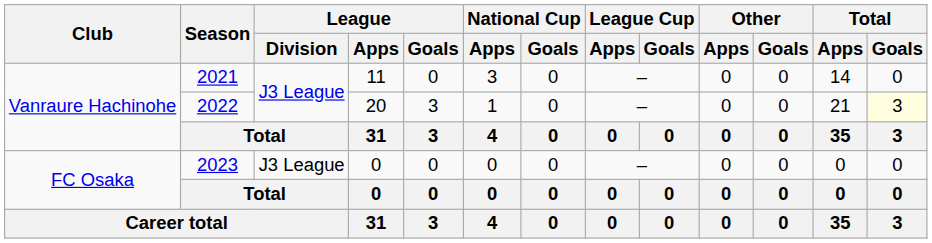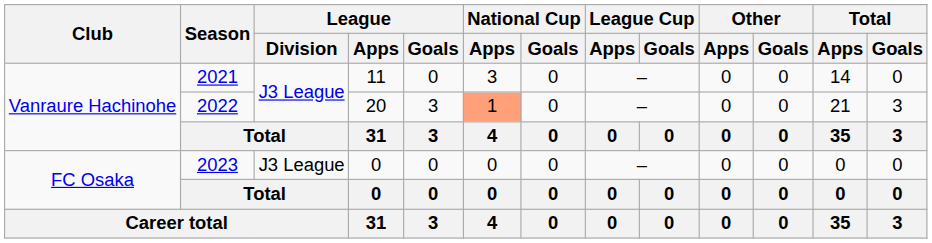 <table class="wikitable" style="text-align: center">
 <tr>
 <th rowspan="2">Club</th>
 <th rowspan="2">Season</th>
 <th colspan="3">League</th>
 <th colspan="2">National Cup</th>
 <th colspan="2">League Cup</th>
 <th colspan="2">Other</th>
 <th colspan="2">Total</th>
 </tr>
 <tr>
 <th>Division</th>
 <th>Apps</th>
 <th>Goals</th>
 <th>Apps</th>
 <th>Goals</th>
 <th>Apps</th>
 <th>Goals</th>
 <th>Apps</th>
 <th>Goals</th>
 <th>Apps</th>
 <th>Goals</th>
 </tr>
 <tr>
 <td rowspan="3"><a href='#'>Vanraure Hachinohe</a></td>
 <td><a href='#'>2021</a></td>
 <td rowspan="2"><a href='#'>J3 League</a></td>
 <td>11</td>
 <td>0</td>
 <td>3</td>
 <td>0</td>
 <td colspan="2">–</td>
 <td>0</td>
 <td>0</td>
 <td>14</td>
 <td>0</td>
 </tr>
 <tr>
 <td><a href='#'>2022</a></td>
 <td>20</td>
 <td>3</td>
-<td>1</td>
+<td style="background: lightsalmon;">1</td>
 <td>0</td>
 <td colspan="2">–</td>
 <td>0</td>
 <td>0</td>
 <td>21</td>
-<td style="background: lightyellow;">3</td>
+<td>3</td>
 </tr>
 <tr>
 <th colspan=2>Total</th>
 <th>31</th>
 <th>3</th>
 <th>4</th>
 <th>0</th>
 <th>0</th>
 <th>0</th>
 <th>0</th>
 <th>0</th>
 <th>35</th>
 <th>3</th>
 </tr>
 <tr>
 <td rowspan="2"><a href='#'>FC Osaka</a></td>
 <td><a href='#'>2023</a></td>
 <td>J3 League</td>
 <td>0</td>
 <td>0</td>
 <td>0</td>
 <td>0</td>
 <td colspan="2">–</td>
 <td>0</td>
 <td>0</td>
 <td>0</td>
 <td>0</td>
 </tr>
 <tr>
 <th colspan=2>Total</th>
 <th>0</th>
 <th>0</th>
 <th>0</th>
 <th>0</th>
 <th>0</th>
 <th>0</th>
 <th>0</th>
 <th>0</th>
 <th>0</th>
 <th>0</th>
 </tr>
 <tr>
 <th colspan=3>Career total</th>
 <th>31</th>
 <th>3</th>
 <th>4</th>
 <th>0</th>
 <th>0</th>
 <th>0</th>
 <th>0</th>
 <th>0</th>
 <th>35</th>
 <th>3</th>
 </tr>
 </table>
